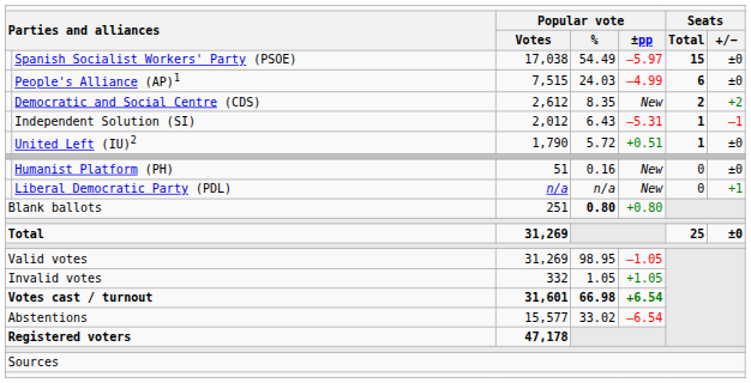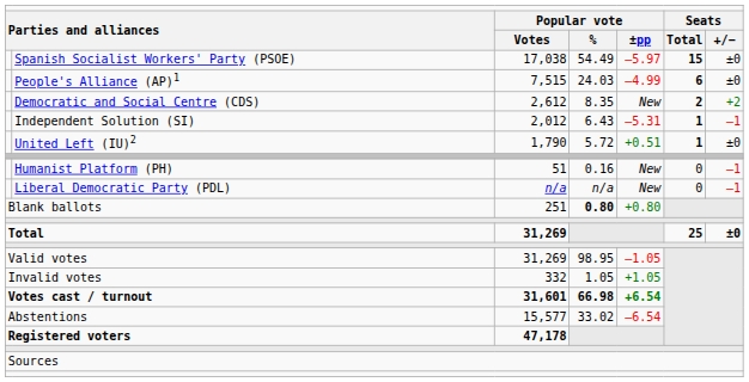 <table class="wikitable" style="text-align:right;">
 <tr>
 <td colspan="7"></td>
 </tr>
 <tr>
 <th style="text-align:left;" rowspan="2" colspan="2" width="525">Parties and alliances</th>
 <th colspan="3">Popular vote</th>
 <th colspan="2">Seats</th>
 </tr>
 <tr>
 <th width="75">Votes</th>
 <th width="45">%</th>
 <th width="45">±<a href='#'>pp</a></th>
 <th width="35">Total</th>
 <th width="35">+/−</th>
 </tr>
 <tr>
 <td width="1" style="color:inherit;background:"></td>
 <td align="left"><a href='#'>Spanish Socialist Workers' Party</a> (PSOE)</td>
 <td>17,038</td>
 <td>54.49</td>
 <td style="color:red;">–5.97</td>
 <td><strong>15</strong></td>
 <td>±0</td>
 </tr>
 <tr>
 <td style="color:inherit;background:"></td>
 <td align="left"><a href='#'>People's Alliance</a> (AP)<sup>1</sup></td>
 <td>7,515</td>
 <td>24.03</td>
 <td style="color:red;">–4.99</td>
 <td><strong>6</strong></td>
 <td>±0</td>
 </tr>
 <tr>
 <td style="color:inherit;background:"></td>
 <td align="left"><a href='#'>Democratic and Social Centre</a> (CDS)</td>
 <td>2,612</td>
 <td>8.35</td>
 <td><em>New</em></td>
 <td><strong>2</strong></td>
 <td style="color:green;">+2</td>
 </tr>
 <tr>
 <td style="color:inherit;background:"></td>
 <td align="left">Independent Solution (SI)</td>
 <td>2,012</td>
 <td>6.43</td>
 <td style="color:red;">–5.31</td>
 <td><strong>1</strong></td>
 <td style="color:red;">–1</td>
 </tr>
 <tr>
 <td style="color:inherit;background:"></td>
 <td align="left"><a href='#'>United Left</a> (IU)<sup>2</sup></td>
 <td>1,790</td>
 <td>5.72</td>
 <td style="color:green;">+0.51</td>
 <td><strong>1</strong></td>
 <td>±0</td>
 </tr>
 <tr>
 <td colspan="7" bgcolor="#C0C0C0"></td>
 </tr>
 <tr>
 <td style="color:inherit;background:"></td>
 <td align="left"><a href='#'>Humanist Platform</a> (PH)</td>
 <td>51</td>
 <td>0.16</td>
 <td><em>New</em></td>
 <td>0</td>
-<td>±0</td>
+<td style="color:red;">–1</td>
 </tr>
 <tr>
 <td style="color:inherit;background:"></td>
 <td align="left"><a href='#'>Liberal Democratic Party</a> (PDL)</td>
 <td><em><a href='#'>n/a</a></em></td>
 <td><em>n/a</em></td>
 <td><em>New</em></td>
 <td>0</td>
-<td style="color:green;">+1</td>
+<td style="color:red;">–1</td>
 </tr>
 <tr>
 <td align="left" colspan="2">Blank ballots</td>
 <td>251</td>
 <td><strong>0.80</strong></td>
 <td style="color:green;">+0.80</td>
 <td bgcolor="#E9E9E9" colspan="2"></td>
 </tr>
 <tr>
 <td colspan="7" bgcolor="#E9E9E9"></td>
 </tr>
 <tr style="font-weight:bold;">
 <td align="left" colspan="2">Total</td>
 <td>31,269</td>
 <td bgcolor="#E9E9E9" colspan="2"></td>
 <td>25</td>
 <td>±0</td>
 </tr>
 <tr>
 <td colspan="7" bgcolor="#E9E9E9"></td>
 </tr>
 <tr>
 <td align="left" colspan="2">Valid votes</td>
 <td>31,269</td>
 <td>98.95</td>
 <td style="color:red;">–1.05</td>
 <td bgcolor="#E9E9E9" colspan="2" rowspan="5"></td>
 </tr>
 <tr>
 <td align="left" colspan="2">Invalid votes</td>
 <td>332</td>
 <td>1.05</td>
 <td style="color:green;">+1.05</td>
 </tr>
 <tr style="font-weight:bold;">
 <td align="left" colspan="2">Votes cast / turnout</td>
 <td>31,601</td>
 <td>66.98</td>
 <td style="color:green;">+6.54</td>
 </tr>
 <tr>
 <td align="left" colspan="2">Abstentions</td>
 <td>15,577</td>
 <td>33.02</td>
 <td style="color:red;">–6.54</td>
 </tr>
 <tr style="font-weight:bold;">
 <td align="left" colspan="2">Registered voters</td>
 <td>47,178</td>
 <td bgcolor="#E9E9E9" colspan="2"></td>
 </tr>
 <tr>
 <td colspan="7" bgcolor="#E9E9E9"></td>
 </tr>
 <tr>
 <td align="left" colspan="7">Sources</td>
 </tr>
 <tr>
 <td colspan="7" style="text-align:left; max-width:790px;"></td>
 </tr>
 </table>
